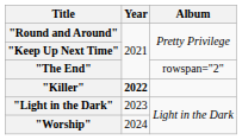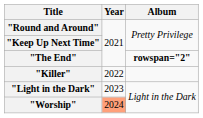 <table class="wikitable plainrowheaders" style="text-align:center;">
 <tr>
 <th class="unsortable" scope="col">Title</th>
 <th class="unsortable" scope="col">Year</th>
 <th class="unsortable" scope="col">Album</th>
 </tr>
 <tr>
 <th scope="row">"Round and Around"</th>
 <td rowspan="3">2021</td>
 <td rowspan="2"><em>Pretty Privilege</em></td>
 </tr>
 <tr>
 <th scope="row">"Keep Up Next Time"</th>
 </tr>
 <tr>
 <th scope="row">"The End"</th>
-<td>rowspan="2" </td>
+<td><strong>rowspan="2" </strong></td>
 </tr>
 <tr>
 <th scope = row>"Killer"</th>
-<td><strong>2022</strong></td>
+<td>2022</td>
 </tr>
 <tr>
 <th scope="row">"Light in the Dark"</th>
 <td>2023</td>
 <td rowspan="2"><em>Light in the Dark</em></td>
 </tr>
 <tr>
 <th scope="row">"Worship"</th>
-<td>2024</td>
+<td style="background: lightsalmon;">2024</td>
 </tr>
 </table>
